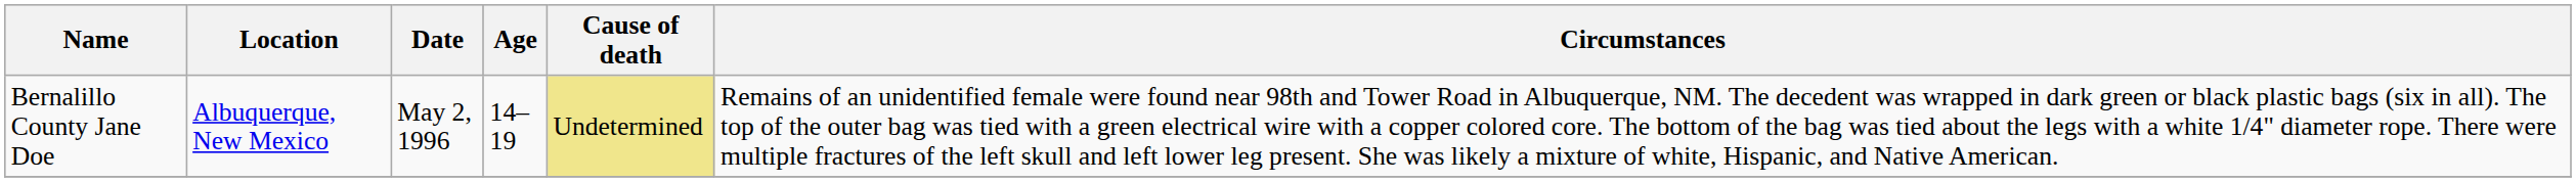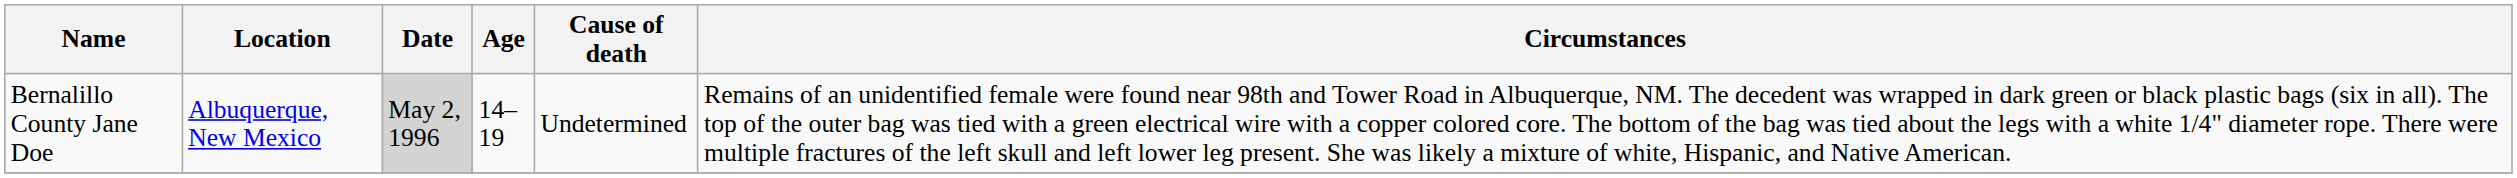 <table class="wikitable sortable">
 <tr>
 <th>Name</th>
 <th>Location</th>
 <th>Date</th>
 <th>Age</th>
 <th>Cause of death</th>
 <th>Circumstances</th>
 </tr>
 <tr>
 <td>Bernalillo County Jane Doe</td>
 <td><a href='#'>Albuquerque, New Mexico</a></td>
-<td>May 2, 1996</td>
+<td style="background: lightgrey;">May 2, 1996</td>
 <td>14–19</td>
-<td style="background: khaki;">Undetermined</td>
+<td>Undetermined</td>
 <td>Remains of an unidentified female were found near 98th and Tower Road in Albuquerque, NM. The decedent was wrapped in dark green or black plastic bags (six in all). The top of the outer bag was tied with a green electrical wire with a copper colored core. The bottom of the bag was tied about the legs with a white 1/4" diameter rope. There were multiple fractures of the left skull and left lower leg present. She was likely a mixture of white, Hispanic, and Native American.</td>
 </tr>
 <tr>
 </tr>
 </table>
